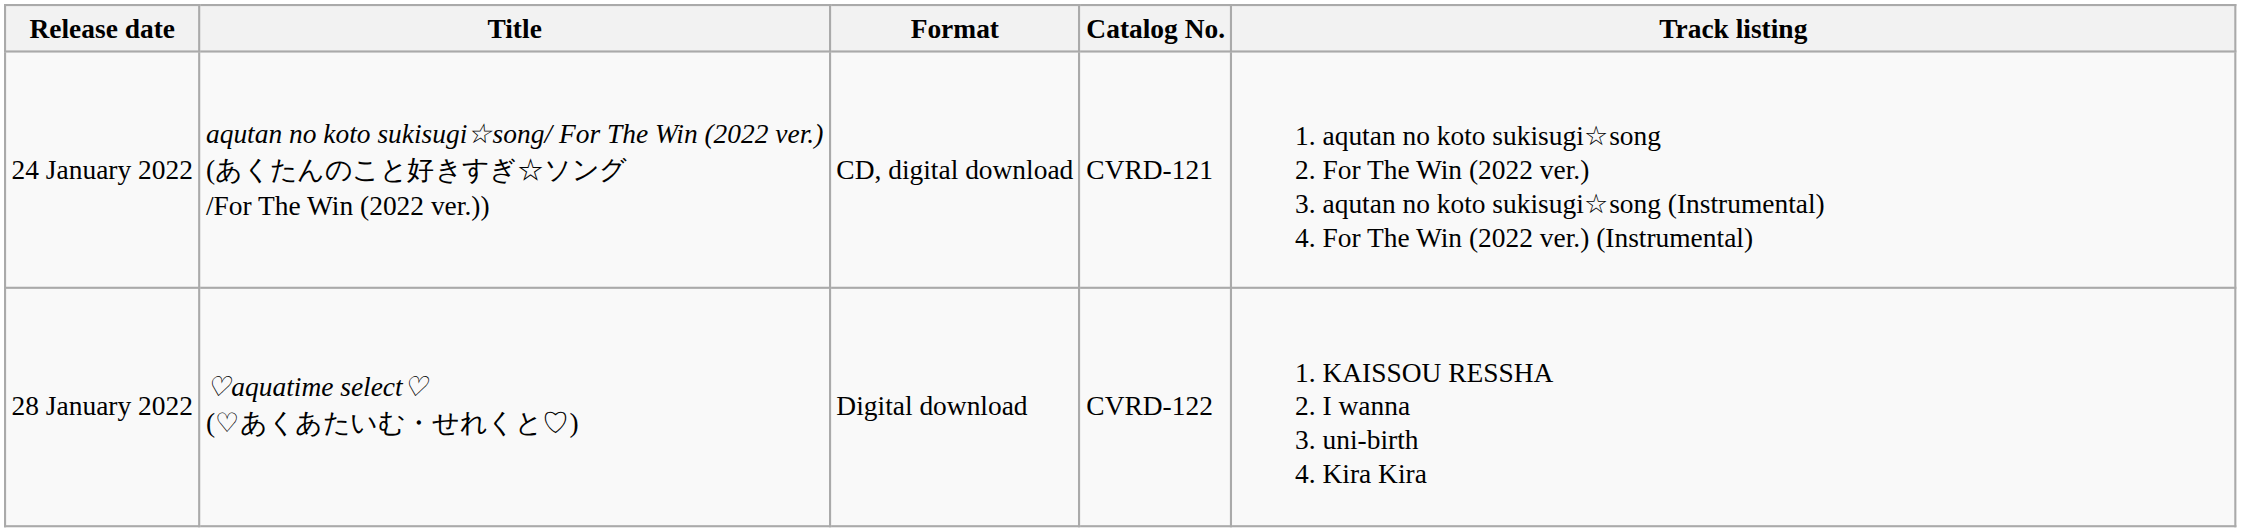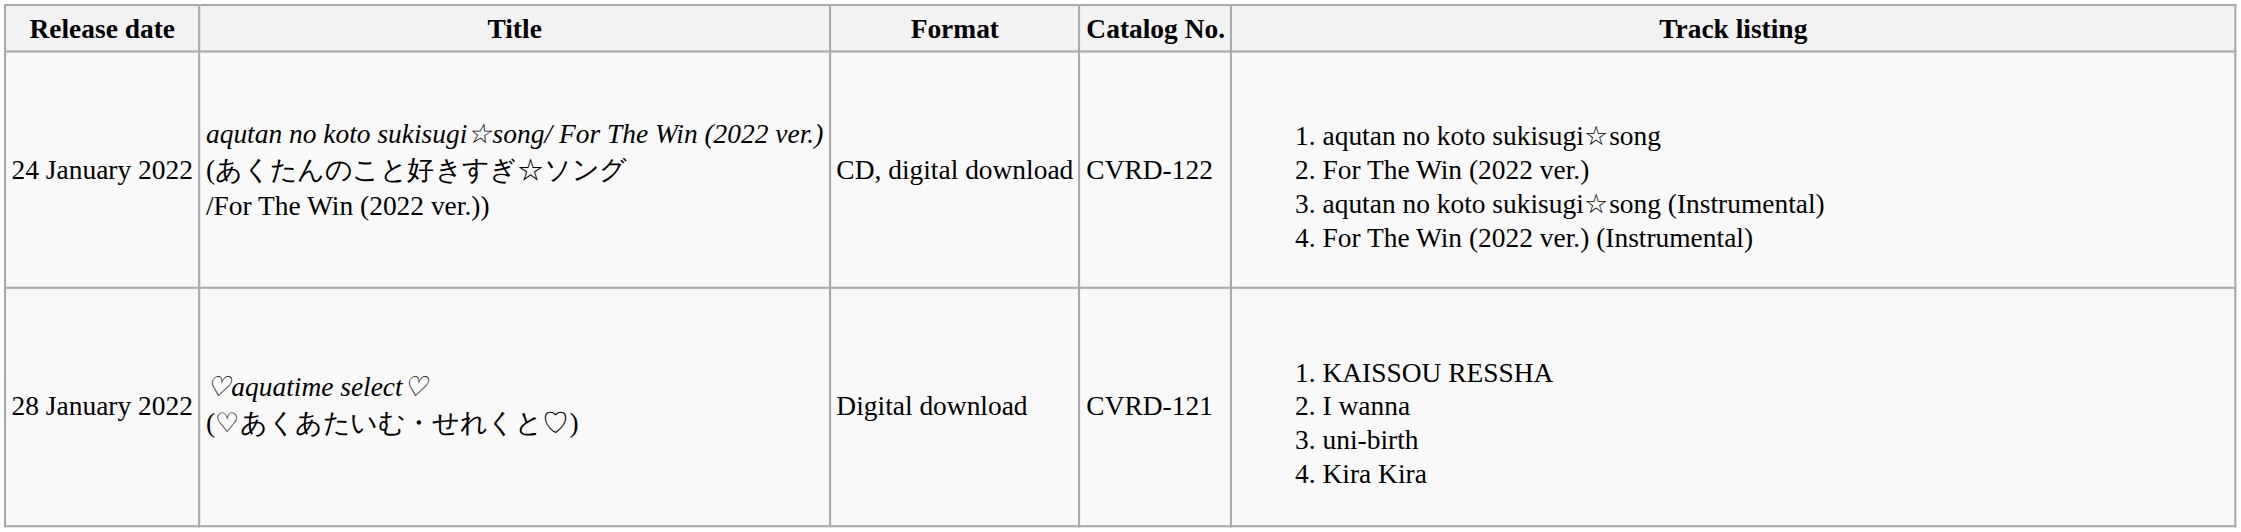 <table class="wikitable" style="font-size:small">
 <tr>
 <th>Release date</th>
 <th>Title</th>
 <th>Format</th>
 <th>Catalog No.</th>
 <th style="width:45%;">Track listing</th>
 </tr>
 <tr>
 <td>24 January 2022</td>
 <td><em>aqutan no koto sukisugi☆song/ For The Win (2022 ver.)</em><br>(あくたんのこと好きすぎ☆ソング<br>/For The Win (2022 ver.))</td>
 <td>CD, digital download</td>
-<td>CVRD-121</td>
+<td>CVRD-122</td>
 <td><div><br><div><ol><li>aqutan no koto sukisugi☆song</li><li>For The Win (2022 ver.)</li><li>aqutan no koto sukisugi☆song (Instrumental)</li><li>For The Win (2022 ver.) (Instrumental)</div></div></li></ol></td>
 </tr>
 <tr>
 <td>28 January 2022</td>
 <td><em>♡aquatime select♡</em><br>(♡あくあたいむ・せれくと♡)</td>
 <td>Digital download</td>
-<td>CVRD-122</td>
+<td>CVRD-121</td>
 <td><div><br><div><ol><li>KAISSOU RESSHA</li><li>I wanna</li><li>uni-birth</li><li>Kira Kira</div></div></li></ol></td>
 </tr>
 </table>
